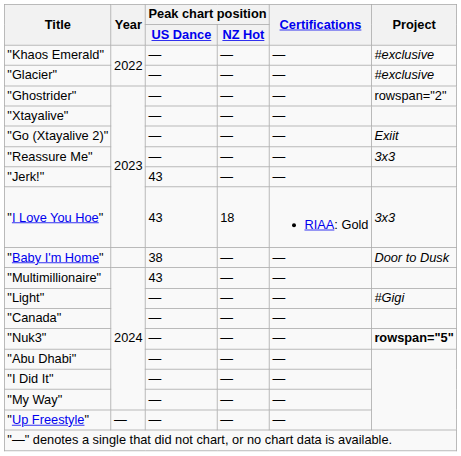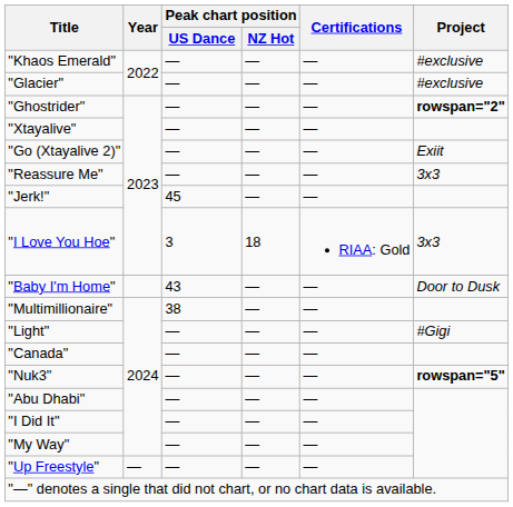 <table class="wikitable">
 <tr>
 <th rowspan="2">Title</th>
 <th rowspan="2">Year</th>
 <th colspan="2">Peak chart position</th>
 <th rowspan="2"><a href='#'>Certifications</a></th>
 <th rowspan="2">Project</th>
 </tr>
 <tr>
 <th><a href='#'>US Dance</a><br></th>
 <th><a href='#'>NZ Hot</a><br></th>
 </tr>
 <tr>
 <td style="text-align:left;">"Khaos Emerald"</td>
 <td rowspan="2">2022</td>
 <td>—</td>
 <td>—</td>
 <td>—</td>
 <td><em>#exclusive</em></td>
 </tr>
 <tr>
 <td style="text-align:left;">"Glacier"</td>
 <td>—</td>
 <td>—</td>
 <td>—</td>
 <td><em>#exclusive</em></td>
 </tr>
 <tr>
 <td style="text-align:left;">"Ghostrider"</td>
 <td rowspan="6">2023</td>
 <td>—</td>
 <td>—</td>
 <td>—</td>
-<td>rowspan="2" </td>
+<td><strong>rowspan="2" </strong></td>
 </tr>
 <tr>
 <td style="text-align:left;">"Xtayalive"<br></td>
 <td>—</td>
 <td>—</td>
 <td>—</td>
 </tr>
 <tr>
 <td style="text-align:left;">"Go (Xtayalive 2)"<br></td>
 <td>—</td>
 <td>—</td>
 <td>—</td>
 <td><em>Exiit</em></td>
 </tr>
 <tr>
 <td style="text-align:left;">"Reassure Me"<br></td>
 <td>—</td>
 <td>—</td>
 <td>—</td>
 <td><em>3x3</em></td>
 </tr>
 <tr>
 <td style="text-align:left;">"Jerk!"<br></td>
-<td>43</td>
+<td>45</td>
 <td>—</td>
 <td>—</td>
 <td></td>
 </tr>
 <tr>
 <td style="text-align:left;">"<a href='#'>I Love You Hoe</a>"<br></td>
-<td>43</td>
+<td>3</td>
 <td>18</td>
 <td><br><ul><li><a href='#'>RIAA</a>: Gold</li></ul></td>
 <td><em>3x3</em></td>
 </tr>
 <tr>
 <td style="text-align:left;">"<a href='#'>Baby I'm Home</a>"<br></td>
 <td></td>
-<td>38</td>
+<td>43</td>
 <td>—</td>
 <td>—</td>
 <td><em>Door to Dusk</em></td>
 </tr>
 <tr>
 <td style="text-align:left;">"Multimillionaire"<br></td>
 <td rowspan="7">2024</td>
-<td>43</td>
+<td>38</td>
 <td>—</td>
 <td>—</td>
 <td></td>
 </tr>
 <tr>
 <td style="text-align:left;">"Light"<br></td>
 <td>—</td>
 <td>—</td>
 <td>—</td>
 <td><em>#Gigi</em></td>
 </tr>
 <tr>
 <td style="text-align:left;">"Canada"<br></td>
 <td>—</td>
 <td>—</td>
 <td>—</td>
 <td></td>
 </tr>
 <tr>
 <td style="text-align:left;">"Nuk3"<br></td>
 <td>—</td>
 <td>—</td>
 <td>—</td>
 <td><strong>rowspan="5" </strong></td>
 </tr>
 <tr>
 <td style="text-align:left;">"Abu Dhabi"<br></td>
 <td>—</td>
 <td>—</td>
 <td>—</td>
 </tr>
 <tr>
 <td style="text-align:left;">"I Did It"<br></td>
 <td>—</td>
 <td>—</td>
 <td>—</td>
 </tr>
 <tr>
 <td style="text-align:left;">"My Way"<br></td>
 <td>—</td>
 <td>—</td>
 <td>—</td>
 </tr>
 <tr>
 <td style="text-align:left;">"<a href='#'>Up Freestyle</a>"<br></td>
 <td>—</td>
 <td>—</td>
 <td>—</td>
 <td>—</td>
 </tr>
 <tr>
 <td colspan="6">"—" denotes a single that did not chart, or no chart data is available.</td>
 </tr>
 </table>
